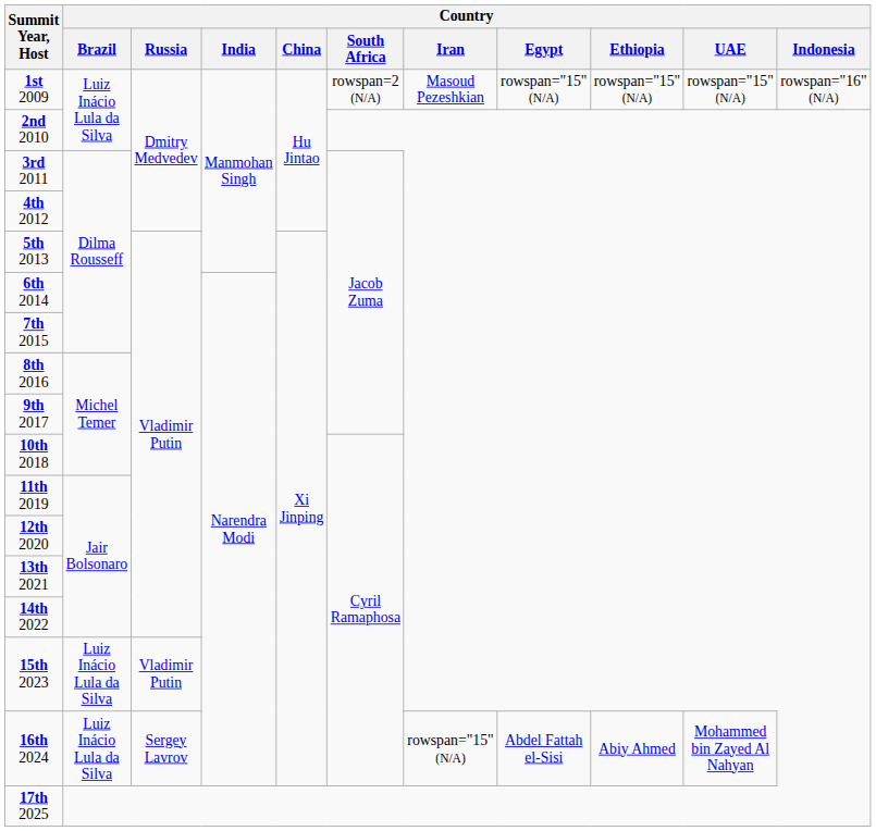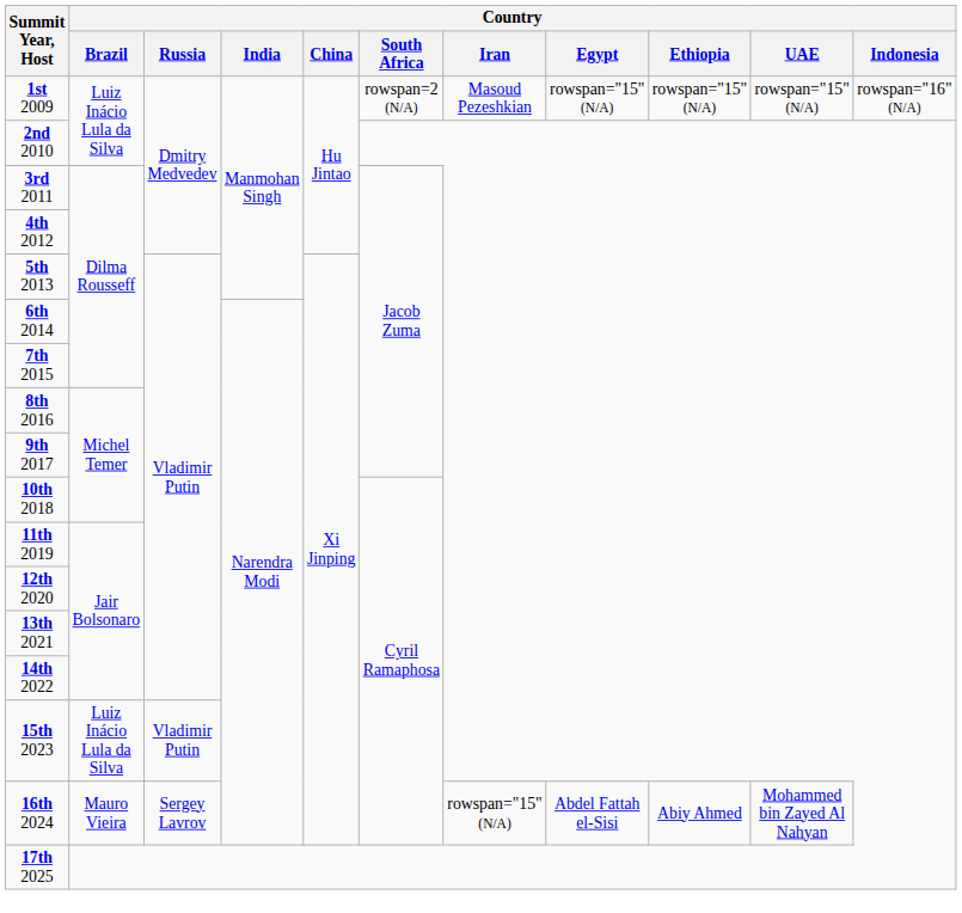 <table class="wikitable" width=100%>
 <tr>
 <th rowspan="2" width="15%">Summit<br>Year,<br>Host</th>
 <th colspan="10">Country</th>
 </tr>
 <tr>
 <th><a href='#'>Brazil</a></th>
 <th><a href='#'>Russia</a></th>
 <th><a href='#'>India</a></th>
 <th><a href='#'>China</a></th>
 <th><a href='#'>South Africa</a></th>
 <th><a href='#'>Iran</a></th>
 <th><a href='#'>Egypt</a></th>
 <th><a href='#'>Ethiopia</a></th>
 <th><a href='#'>UAE</a></th>
 <th><a href='#'>Indonesia</a></th>
 </tr>
 <tr align=center>
 <td><strong><a href='#'>1st</a></strong><br>2009<br></td>
 <td rowspan=2><a href='#'>Luiz Inácio Lula da Silva</a><br></td>
 <td rowspan=4><a href='#'>Dmitry Medvedev</a><br></td>
 <td rowspan=5><a href='#'>Manmohan Singh</a><br></td>
 <td rowspan=4><a href='#'>Hu Jintao</a><br></td>
 <td>rowspan=2 <br><small>(N/A)</small></td>
 <td><a href='#'>Masoud Pezeshkian</a></td>
 <td>rowspan="15" <br><small>(N/A)</small></td>
 <td>rowspan="15" <br><small>(N/A)</small></td>
 <td>rowspan="15" <br><small>(N/A)</small></td>
 <td>rowspan="16" <br><small>(N/A)</small></td>
 </tr>
 <tr align=center>
 <td><strong><a href='#'>2nd</a></strong><br>2010<br></td>
 </tr>
 <tr align=center>
 <td><strong><a href='#'>3rd</a></strong><br>2011<br></td>
 <td rowspan=5><a href='#'>Dilma Rousseff</a><br></td>
 <td rowspan="7"><a href='#'>Jacob Zuma</a><br></td>
 </tr>
 <tr align=center>
 <td><strong><a href='#'>4th</a></strong><br>2012<br></td>
 </tr>
 <tr align=center>
 <td><strong><a href='#'>5th</a></strong><br>2013<br></td>
 <td rowspan="10"><a href='#'>Vladimir Putin</a><br></td>
 <td rowspan="12"><a href='#'>Xi Jinping</a><br></td>
 </tr>
 <tr align=center>
 <td><strong><a href='#'>6th</a></strong><br>2014<br></td>
 <td rowspan="11"><a href='#'>Narendra Modi</a><br></td>
 </tr>
 <tr align=center>
 <td><strong><a href='#'>7th</a></strong><br>2015<br></td>
 </tr>
 <tr align=center>
 <td><strong><a href='#'>8th</a></strong><br>2016<br></td>
 <td rowspan="3"><a href='#'>Michel Temer</a></td>
 </tr>
 <tr align=center>
 <td><strong><a href='#'>9th</a></strong><br>2017<br></td>
 </tr>
 <tr align=center>
 <td><strong><a href='#'>10th</a></strong><br>2018<br></td>
 <td rowspan="7"><a href='#'>Cyril Ramaphosa</a></td>
 </tr>
 <tr align=center>
 <td><strong><a href='#'>11th</a></strong><br>2019<br></td>
 <td rowspan="4"><a href='#'>Jair Bolsonaro</a></td>
 </tr>
 <tr align=center>
 <td><strong><a href='#'>12th</a></strong> <br>2020<br></td>
 </tr>
 <tr align=center>
 <td><strong><a href='#'>13th</a></strong><br>2021<br></td>
 </tr>
 <tr align=center>
 <td><strong><a href='#'>14th</a></strong><br>2022<br></td>
 </tr>
 <tr align=center>
 <td><strong><a href='#'>15th</a></strong><br>2023<br></td>
 <td rowspan="1"><a href='#'>Luiz Inácio Lula da Silva</a></td>
 <td rowspain="1"><a href='#'>Vladimir Putin</a></td>
 </tr>
 <tr align=center>
 <td><strong><a href='#'>16th</a></strong><br>2024<br></td>
-<td rowspan="1"><a href='#'>Luiz Inácio Lula da Silva</a></td>
+<td rowspan="1"><a href='#'>Mauro Vieira</a></td>
 <td rowspain="1"><a href='#'>Sergey Lavrov</a></td>
 <td>rowspan="15" <br><small>(N/A)</small></td>
 <td><a href='#'>Abdel Fattah el-Sisi</a></td>
 <td><a href='#'>Abiy Ahmed</a></td>
 <td><a href='#'>Mohammed bin Zayed Al Nahyan</a></td>
 </tr>
 <tr align=center>
 <td><strong><a href='#'>17th</a></strong><br>2025<br></td>
 </tr>
 </table>
